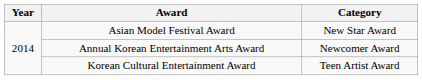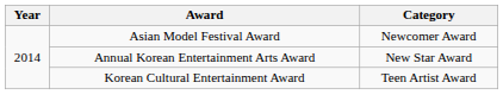 <table class="wikitable" style="text-align: center; width: 600px;">
 <tr>
 <th>Year</th>
 <th>Award</th>
 <th>Category</th>
 </tr>
 <tr>
 <td rowspan=3>2014</td>
 <td>Asian Model Festival Award</td>
-<td>New Star Award</td>
+<td>Newcomer Award</td>
 </tr>
 <tr>
 <td>Annual Korean Entertainment Arts Award</td>
-<td>Newcomer Award</td>
+<td>New Star Award</td>
 </tr>
 <tr>
 <td>Korean Cultural Entertainment Award</td>
 <td>Teen Artist Award</td>
 </tr>
 </table>
